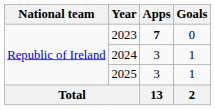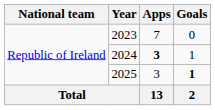 <table class="wikitable" style="text-align:center">
 <tr>
 <th>National team</th>
 <th>Year</th>
 <th>Apps</th>
 <th>Goals</th>
 </tr>
 <tr>
 <td rowspan="3"><a href='#'>Republic of Ireland</a></td>
 <td>2023</td>
-<td><strong>7</strong></td>
+<td>7</td>
 <td>0</td>
 </tr>
 <tr>
 <td>2024</td>
-<td>3</td>
+<td><strong>3</strong></td>
 <td>1</td>
 </tr>
 <tr>
 <td>2025</td>
 <td>3</td>
-<td>1</td>
+<td><strong>1</strong></td>
 </tr>
 <tr>
 <th colspan="2">Total</th>
 <th>13</th>
 <th>2</th>
 </tr>
 </table>
